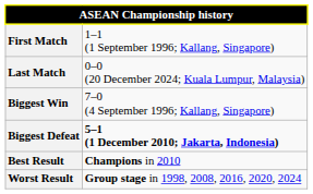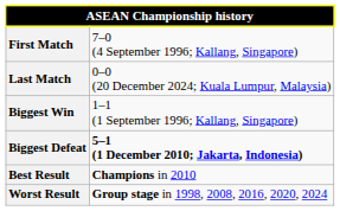 <table class="wikitable" wistyle="text-align:center;font-size:100%;">
 <tr group stage 1||1|0|0|1|0>
 <th colspan=6 style="background: #000000; color: #FFFFFF; border:2px solid #FFFF00;">ASEAN Championship history</th>
 </tr>
 <tr>
 <th style="text-align: left;">First Match</th>
-<td> 1–1 <br> (1 September 1996; <a href='#'>Kallang</a>, <a href='#'>Singapore</a>)</td>
+<td> 7–0 <br> (4 September 1996; <a href='#'>Kallang</a>, <a href='#'>Singapore</a>)</td>
 </tr>
 <tr>
 <th style="text-align: left;">Last Match</th>
 <td> 0–0 <br> (20 December 2024; <a href='#'>Kuala Lumpur</a>, <a href='#'>Malaysia</a>)</td>
 </tr>
 <tr>
 <th style="text-align: left;">Biggest Win</th>
-<td> 7–0 <br> (4 September 1996; <a href='#'>Kallang</a>, <a href='#'>Singapore</a>)</td>
+<td> 1–1 <br> (1 September 1996; <a href='#'>Kallang</a>, <a href='#'>Singapore</a>)</td>
 </tr>
 <tr>
 <th style="text-align: left;">Biggest Defeat</th>
 <td><strong> 5–1 <br> (1 December 2010; <a href='#'>Jakarta</a>, <a href='#'>Indonesia</a>)</strong></td>
 </tr>
 <tr>
 <th style="text-align: left;">Best Result</th>
 <td><strong>Champions</strong> in <a href='#'>2010</a></td>
 </tr>
 <tr>
 <th style="text-align: left;">Worst Result</th>
 <td><strong>Group stage</strong> in <a href='#'>1998</a>, <a href='#'>2008</a>, <a href='#'>2016</a>, <a href='#'>2020</a>, <a href='#'>2024</a></td>
 </tr>
 </table>
